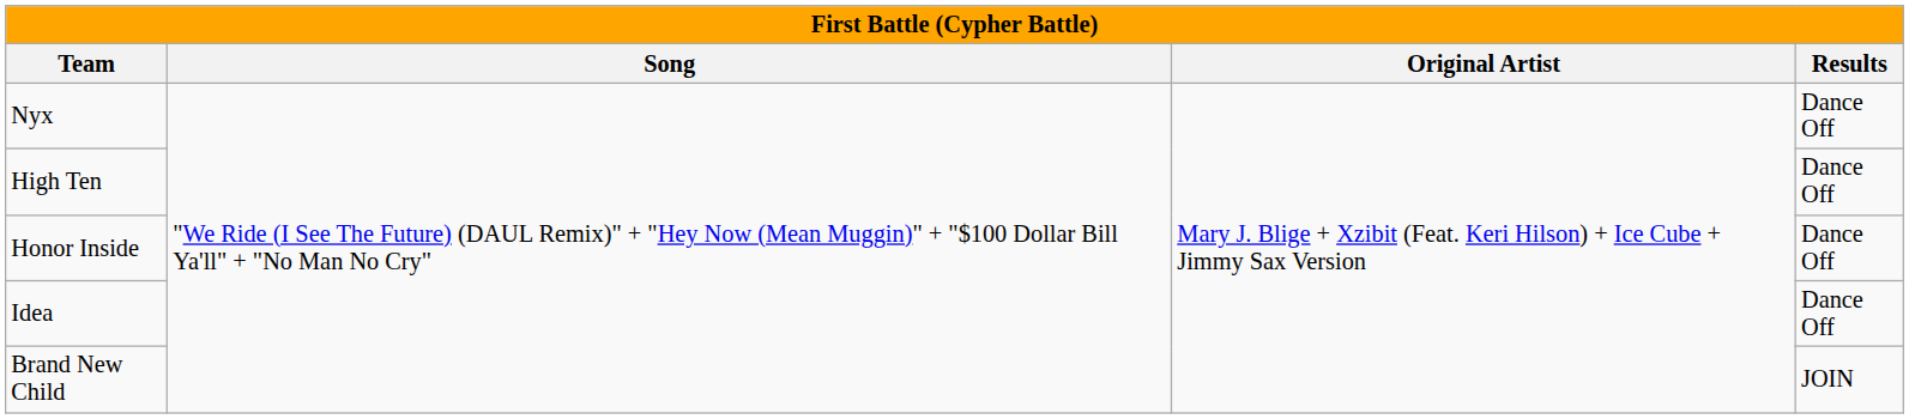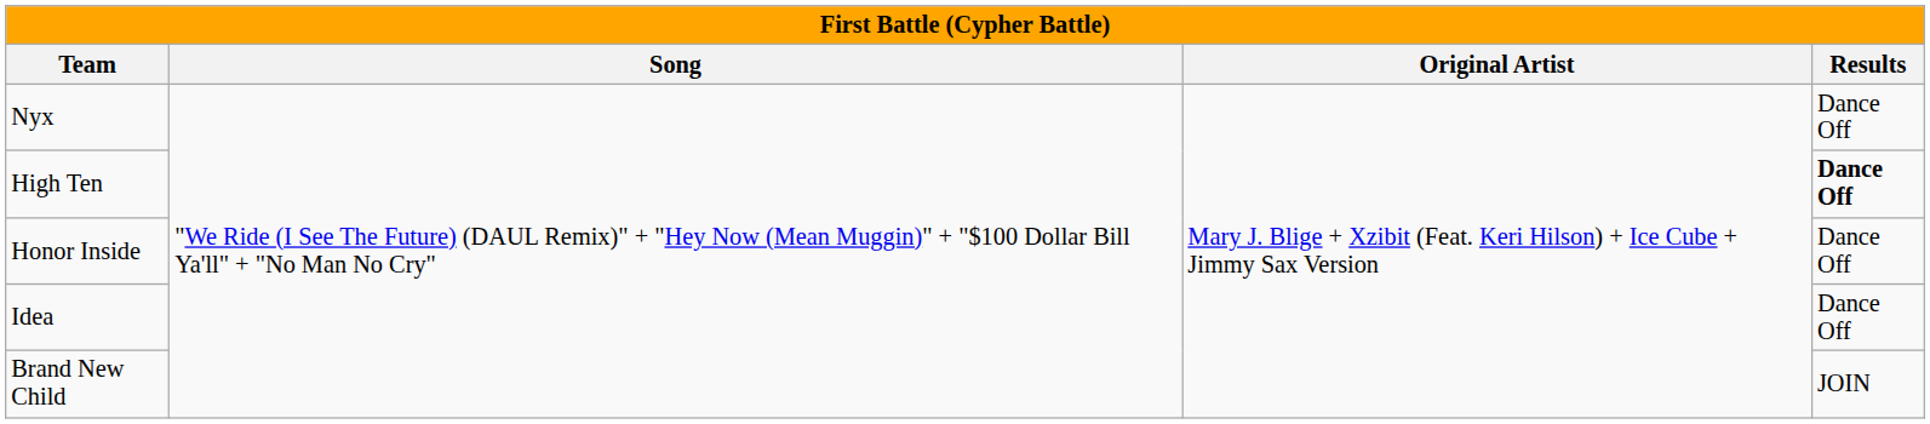 <table class="wikitable mw-collapsible mw-collapsed"  style="text-align:center font-size:90%">
 <tr>
 <th style="background:orange"; colspan="4">First Battle (Cypher Battle)</th>
 </tr>
 <tr style="background:#f2f2f2;">
 <th scope="col">Team</th>
 <th scope="col">Song</th>
 <th scope="col">Original Artist</th>
 <th scope="col">Results</th>
 </tr>
 <tr>
 <td>Nyx</td>
 <td rowspan="5">"<a href='#'>We Ride (I See The Future)</a> (DAUL Remix)" + "<a href='#'>Hey Now (Mean Muggin)</a>" + "$100 Dollar Bill Ya'll" + "No Man No Cry"</td>
 <td rowspan="5"><a href='#'>Mary J. Blige</a> + <a href='#'>Xzibit</a> (Feat. <a href='#'>Keri Hilson</a>) + <a href='#'>Ice Cube</a> + Jimmy Sax Version</td>
 <td>Dance Off</td>
 </tr>
 <tr>
 <td>High Ten</td>
-<td>Dance Off</td>
+<td><strong>Dance Off</strong></td>
 </tr>
 <tr>
 <td>Honor Inside</td>
 <td>Dance Off</td>
 </tr>
 <tr>
 <td>Idea</td>
 <td>Dance Off</td>
 </tr>
 <tr>
 <td>Brand New Child</td>
 <td>JOIN</td>
 </tr>
 </table>
